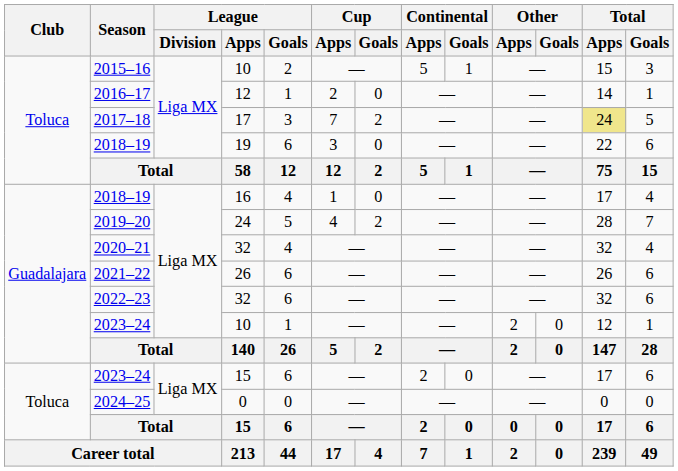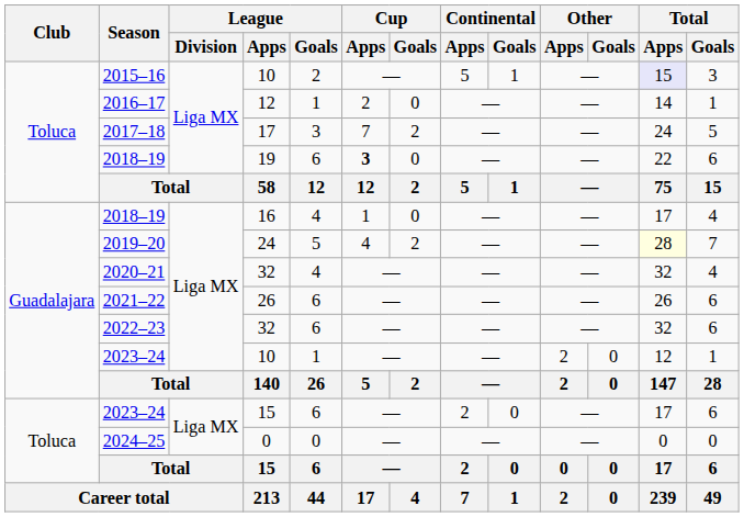 <table class="wikitable" style="text-align:center">
 <tr>
 <th rowspan="2">Club</th>
 <th rowspan="2">Season</th>
 <th colspan="3">League</th>
 <th colspan="2">Cup</th>
 <th colspan="2">Continental</th>
 <th colspan="2">Other</th>
 <th colspan="2">Total</th>
 </tr>
 <tr>
 <th>Division</th>
 <th>Apps</th>
 <th>Goals</th>
 <th>Apps</th>
 <th>Goals</th>
 <th>Apps</th>
 <th>Goals</th>
 <th>Apps</th>
 <th>Goals</th>
 <th>Apps</th>
 <th>Goals</th>
 </tr>
 <tr>
 <td rowspan="5"><a href='#'>Toluca</a></td>
 <td><a href='#'>2015–16</a></td>
 <td rowspan="4"><a href='#'>Liga MX</a></td>
 <td>10</td>
 <td>2</td>
 <td colspan="2">—</td>
 <td>5</td>
 <td>1</td>
 <td colspan="2">—</td>
-<td>15</td>
+<td style="background: lavender;">15</td>
 <td>3</td>
 </tr>
 <tr>
 <td><a href='#'>2016–17</a></td>
 <td>12</td>
 <td>1</td>
 <td>2</td>
 <td>0</td>
 <td colspan="2">—</td>
 <td colspan="2">—</td>
 <td>14</td>
 <td>1</td>
 </tr>
 <tr>
 <td><a href='#'>2017–18</a></td>
 <td>17</td>
 <td>3</td>
 <td>7</td>
 <td>2</td>
 <td colspan="2">—</td>
 <td colspan="2">—</td>
-<td style="background: khaki;">24</td>
+<td>24</td>
 <td>5</td>
 </tr>
 <tr>
 <td><a href='#'>2018–19</a></td>
 <td>19</td>
 <td>6</td>
-<td>3</td>
+<td><strong>3</strong></td>
 <td>0</td>
 <td colspan="2">—</td>
 <td colspan="2">—</td>
 <td>22</td>
 <td>6</td>
 </tr>
 <tr>
 <th colspan="2">Total</th>
 <th>58</th>
 <th>12</th>
 <th>12</th>
 <th>2</th>
 <th>5</th>
 <th>1</th>
 <th colspan="2">—</th>
 <th>75</th>
 <th>15</th>
 </tr>
 <tr>
 <td rowspan="7"><a href='#'>Guadalajara</a></td>
 <td><a href='#'>2018–19</a></td>
 <td rowspan="6">Liga MX</td>
 <td>16</td>
 <td>4</td>
 <td>1</td>
 <td>0</td>
 <td colspan="2">—</td>
 <td colspan="2">—</td>
 <td>17</td>
 <td>4</td>
 </tr>
 <tr>
 <td><a href='#'>2019–20</a></td>
 <td>24</td>
 <td>5</td>
 <td>4</td>
 <td>2</td>
 <td colspan="2">—</td>
 <td colspan="2">—</td>
-<td>28</td>
+<td style="background: lightyellow;">28</td>
 <td>7</td>
 </tr>
 <tr>
 <td><a href='#'>2020–21</a></td>
 <td>32</td>
 <td>4</td>
 <td colspan="2">—</td>
 <td colspan="2">—</td>
 <td colspan="2">—</td>
 <td>32</td>
 <td>4</td>
 </tr>
 <tr>
 <td><a href='#'>2021–22</a></td>
 <td>26</td>
 <td>6</td>
 <td colspan="2">—</td>
 <td colspan="2">—</td>
 <td colspan="2">—</td>
 <td>26</td>
 <td>6</td>
 </tr>
 <tr>
 <td><a href='#'>2022–23</a></td>
 <td>32</td>
 <td>6</td>
 <td colspan="2">—</td>
 <td colspan="2">—</td>
 <td colspan="2">—</td>
 <td>32</td>
 <td>6</td>
 </tr>
 <tr>
 <td><a href='#'>2023–24</a></td>
 <td>10</td>
 <td>1</td>
 <td colspan="2">—</td>
 <td colspan="2">—</td>
 <td>2</td>
 <td>0</td>
 <td>12</td>
 <td>1</td>
 </tr>
 <tr>
 <th colspan="2">Total</th>
 <th>140</th>
 <th>26</th>
 <th>5</th>
 <th>2</th>
 <th colspan="2">—</th>
 <th>2</th>
 <th>0</th>
 <th>147</th>
 <th>28</th>
 </tr>
 <tr>
 <td rowspan="3">Toluca</td>
 <td><a href='#'>2023–24</a></td>
 <td rowspan="2">Liga MX</td>
 <td>15</td>
 <td>6</td>
 <td colspan="2">—</td>
 <td>2</td>
 <td>0</td>
 <td colspan="2">—</td>
 <td>17</td>
 <td>6</td>
 </tr>
 <tr>
 <td><a href='#'>2024–25</a></td>
 <td>0</td>
 <td>0</td>
 <td colspan="2">—</td>
 <td colspan="2">—</td>
 <td colspan="2">—</td>
 <td>0</td>
 <td>0</td>
 </tr>
 <tr>
 <th colspan="2">Total</th>
 <th>15</th>
 <th>6</th>
 <th colspan="2">—</th>
 <th>2</th>
 <th>0</th>
 <th>0</th>
 <th>0</th>
 <th>17</th>
 <th>6</th>
 </tr>
 <tr>
 <th colspan="3">Career total</th>
 <th>213</th>
 <th>44</th>
 <th>17</th>
 <th>4</th>
 <th>7</th>
 <th>1</th>
 <th>2</th>
 <th>0</th>
 <th>239</th>
 <th>49</th>
 </tr>
 </table>
